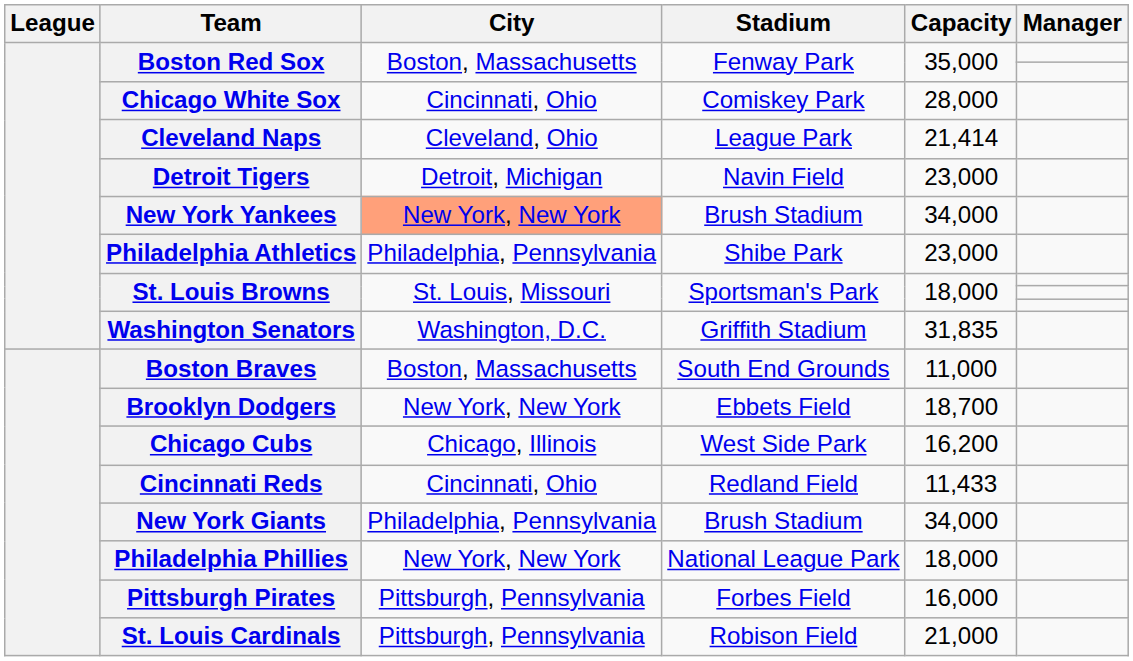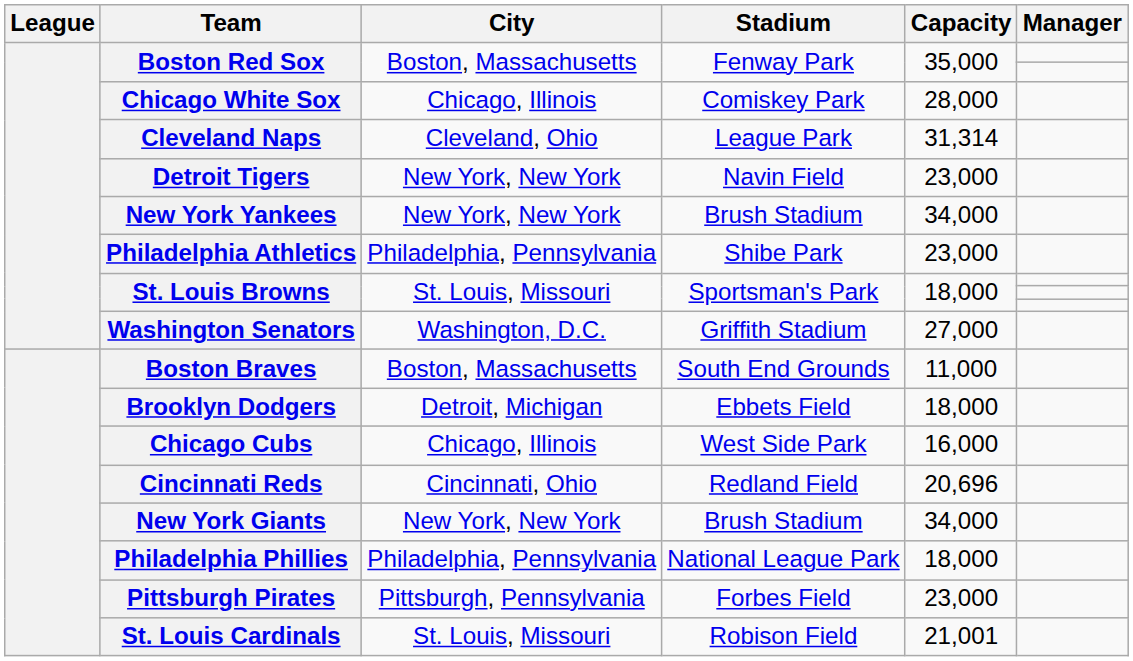 <table class="wikitable sortable plainrowheaders" style="text-align:center;">
 <tr>
 <th scope="col">League</th>
 <th scope="col">Team</th>
 <th scope="col">City</th>
 <th scope="col">Stadium</th>
 <th scope="col">Capacity</th>
 <th scope="col">Manager</th>
 </tr>
 <tr>
 <th rowspan="11"></th>
 <th rowspan="2" scope="row"><a href='#'>Boston Red Sox</a></th>
 <td rowspan="2"><a href='#'>Boston</a>, <a href='#'>Massachusetts</a></td>
 <td rowspan="2"><a href='#'>Fenway Park</a></td>
 <td rowspan="2">35,000</td>
 <td></td>
 </tr>
 <tr>
 <td></td>
 </tr>
 <tr>
 <th scope="row"><a href='#'>Chicago White Sox</a></th>
-<td><a href='#'>Cincinnati</a>, <a href='#'>Ohio</a></td>
+<td><a href='#'>Chicago</a>, <a href='#'>Illinois</a></td>
 <td><a href='#'>Comiskey Park</a></td>
 <td>28,000</td>
 <td></td>
 </tr>
 <tr>
 <th scope="row"><a href='#'>Cleveland Naps</a></th>
 <td><a href='#'>Cleveland</a>, <a href='#'>Ohio</a></td>
 <td><a href='#'>League Park</a></td>
-<td>21,414</td>
+<td>31,314</td>
 <td></td>
 </tr>
 <tr>
 <th scope="row"><a href='#'>Detroit Tigers</a></th>
-<td><a href='#'>Detroit</a>, <a href='#'>Michigan</a></td>
+<td><a href='#'>New York</a>, <a href='#'>New York</a></td>
 <td><a href='#'>Navin Field</a></td>
 <td>23,000</td>
 <td></td>
 </tr>
 <tr>
 <th scope="row"><a href='#'>New York Yankees</a></th>
-<td style="background: lightsalmon;"><a href='#'>New York</a>, <a href='#'>New York</a></td>
+<td><a href='#'>New York</a>, <a href='#'>New York</a></td>
 <td><a href='#'>Brush Stadium</a></td>
 <td>34,000</td>
 <td></td>
 </tr>
 <tr>
 <th scope="row"><a href='#'>Philadelphia Athletics</a></th>
 <td><a href='#'>Philadelphia</a>, <a href='#'>Pennsylvania</a></td>
 <td><a href='#'>Shibe Park</a></td>
 <td>23,000</td>
 <td></td>
 </tr>
 <tr>
 <th rowspan="3" scope="row"><a href='#'>St. Louis Browns</a></th>
 <td rowspan="3"><a href='#'>St. Louis</a>, <a href='#'>Missouri</a></td>
 <td rowspan="3"><a href='#'>Sportsman's Park</a></td>
 <td rowspan="3">18,000</td>
 <td></td>
 </tr>
 <tr>
 <td></td>
 </tr>
 <tr>
 <td></td>
 </tr>
 <tr>
 <th scope="row"><a href='#'>Washington Senators</a></th>
 <td><a href='#'>Washington, D.C.</a></td>
 <td><a href='#'>Griffith Stadium</a></td>
-<td>31,835</td>
+<td>27,000</td>
 <td></td>
 </tr>
 <tr>
 <th rowspan="8"></th>
 <th scope="row"><a href='#'>Boston Braves</a></th>
 <td><a href='#'>Boston</a>, <a href='#'>Massachusetts</a></td>
 <td><a href='#'>South End Grounds</a></td>
 <td>11,000</td>
 <td></td>
 </tr>
 <tr>
 <th scope="row"><a href='#'>Brooklyn Dodgers</a></th>
-<td><a href='#'>New York</a>, <a href='#'>New York</a></td>
+<td><a href='#'>Detroit</a>, <a href='#'>Michigan</a></td>
 <td><a href='#'>Ebbets Field</a></td>
-<td>18,700</td>
+<td>18,000</td>
 <td></td>
 </tr>
 <tr>
 <th scope="row"><a href='#'>Chicago Cubs</a></th>
 <td><a href='#'>Chicago</a>, <a href='#'>Illinois</a></td>
 <td><a href='#'>West Side Park</a></td>
-<td>16,200</td>
+<td>16,000</td>
 <td></td>
 </tr>
 <tr>
 <th scope="row"><a href='#'>Cincinnati Reds</a></th>
 <td><a href='#'>Cincinnati</a>, <a href='#'>Ohio</a></td>
 <td><a href='#'>Redland Field</a></td>
-<td>11,433</td>
+<td>20,696</td>
 <td></td>
 </tr>
 <tr>
 <th scope="row"><a href='#'>New York Giants</a></th>
-<td><a href='#'>Philadelphia</a>, <a href='#'>Pennsylvania</a></td>
+<td><a href='#'>New York</a>, <a href='#'>New York</a></td>
 <td><a href='#'>Brush Stadium</a></td>
 <td>34,000</td>
 <td></td>
 </tr>
 <tr>
 <th scope="row"><a href='#'>Philadelphia Phillies</a></th>
-<td><a href='#'>New York</a>, <a href='#'>New York</a></td>
+<td><a href='#'>Philadelphia</a>, <a href='#'>Pennsylvania</a></td>
 <td><a href='#'>National League Park</a></td>
 <td>18,000</td>
 <td></td>
 </tr>
 <tr>
 <th scope="row"><a href='#'>Pittsburgh Pirates</a></th>
 <td><a href='#'>Pittsburgh</a>, <a href='#'>Pennsylvania</a></td>
 <td><a href='#'>Forbes Field</a></td>
-<td>16,000</td>
+<td>23,000</td>
 <td></td>
 </tr>
 <tr>
 <th scope="row"><a href='#'>St. Louis Cardinals</a></th>
-<td><a href='#'>Pittsburgh</a>, <a href='#'>Pennsylvania</a></td>
+<td><a href='#'>St. Louis</a>, <a href='#'>Missouri</a></td>
 <td><a href='#'>Robison Field</a></td>
-<td>21,000</td>
+<td>21,001</td>
 <td></td>
 </tr>
 </table>
